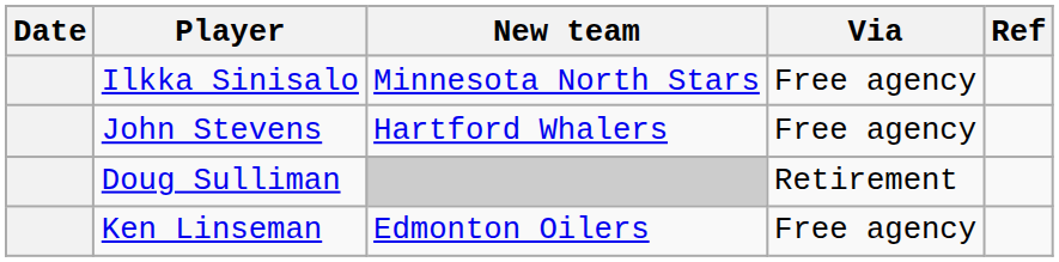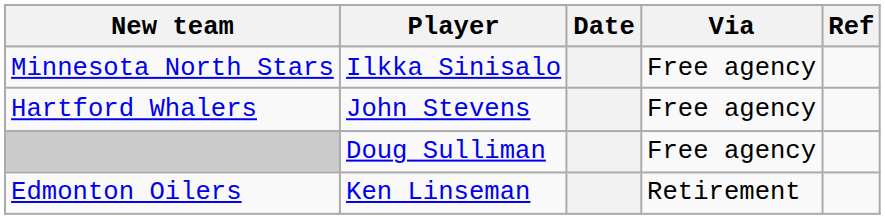 <table class="wikitable plainrowheaders">
 <tr style="background:#ddd; text-align:center;">
+<th>New team</th>
+<th>Player</th>
 <th>Date</th>
-<th>Player</th>
-<th>New team</th>
 <th>Via</th>
 <th>Ref</th>
 </tr>
 <tr>
+<td><a href='#'>Minnesota North Stars</a></td>
+<td><a href='#'>Ilkka Sinisalo</a></td>
 <th scope="row"></th>
-<td><a href='#'>Ilkka Sinisalo</a></td>
-<td><a href='#'>Minnesota North Stars</a></td>
 <td>Free agency</td>
 <td></td>
 </tr>
 <tr>
+<td><a href='#'>Hartford Whalers</a></td>
+<td><a href='#'>John Stevens</a></td>
 <th scope="row"></th>
-<td><a href='#'>John Stevens</a></td>
-<td><a href='#'>Hartford Whalers</a></td>
 <td>Free agency</td>
 <td></td>
 </tr>
 <tr>
+<td style="background:#ccc"></td>
+<td><a href='#'>Doug Sulliman</a></td>
 <th scope="row"></th>
-<td><a href='#'>Doug Sulliman</a></td>
-<td style="background:#ccc"></td>
+<td>Free agency</td>
+<td></td>
+</tr>
+<tr>
+<td><a href='#'>Edmonton Oilers</a></td>
+<td><a href='#'>Ken Linseman</a></td>
+<th scope="row"></th>
 <td>Retirement</td>
 <td></td>
 </tr>
-<tr>
-<th scope="row"></th>
-<td><a href='#'>Ken Linseman</a></td>
-<td><a href='#'>Edmonton Oilers</a></td>
-<td>Free agency</td>
-<td></td>
-</tr>
 </table>
